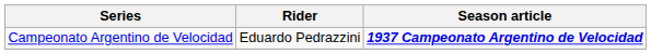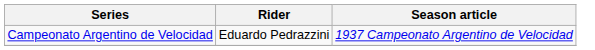 <table class="wikitable" style="font-size: 87%;">
 <tr>
 <th>Series</th>
 <th>Rider</th>
 <th>Season article</th>
 </tr>
 <tr>
 <td><a href='#'>Campeonato Argentino de Velocidad</a></td>
 <td> Eduardo Pedrazzini</td>
-<td><strong><em><a href='#'>1937 Campeonato Argentino de Velocidad</a></em></strong></td>
+<td><em><a href='#'>1937 Campeonato Argentino de Velocidad</a></em></td>
 </tr>
 <tr>
 </tr>
 </table>
